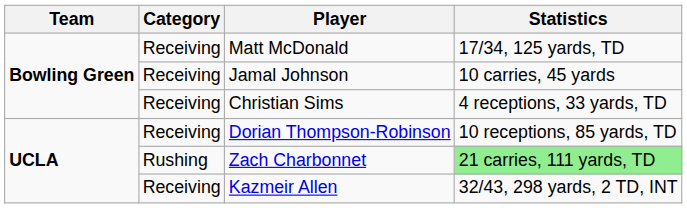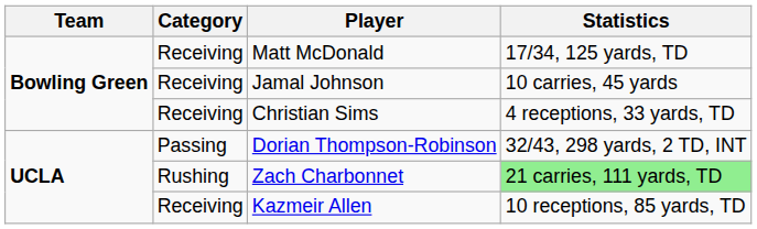 <table class="wikitable" style="float: right;">
 <tr>
 <th>Team</th>
 <th>Category</th>
 <th>Player</th>
 <th>Statistics</th>
 </tr>
 <tr>
 <td rowspan=3><strong>Bowling Green</strong></td>
 <td>Receiving</td>
 <td>Matt McDonald</td>
 <td>17/34, 125 yards, TD</td>
 </tr>
 <tr>
 <td>Receiving</td>
 <td>Jamal Johnson</td>
 <td>10 carries, 45 yards</td>
 </tr>
 <tr>
 <td>Receiving</td>
 <td>Christian Sims</td>
 <td>4 receptions, 33 yards, TD</td>
 </tr>
 <tr>
 <td rowspan=3><strong>UCLA</strong></td>
-<td>Receiving</td>
+<td>Passing</td>
 <td><a href='#'>Dorian Thompson-Robinson</a></td>
-<td>10 receptions, 85 yards, TD</td>
+<td>32/43, 298 yards, 2 TD, INT</td>
 </tr>
 <tr>
 <td>Rushing</td>
 <td><a href='#'>Zach Charbonnet</a></td>
 <td style="background: lightgreen;">21 carries, 111 yards, TD</td>
 </tr>
 <tr>
 <td>Receiving</td>
 <td><a href='#'>Kazmeir Allen</a></td>
-<td>32/43, 298 yards, 2 TD, INT</td>
+<td>10 receptions, 85 yards, TD</td>
 </tr>
 </table>
